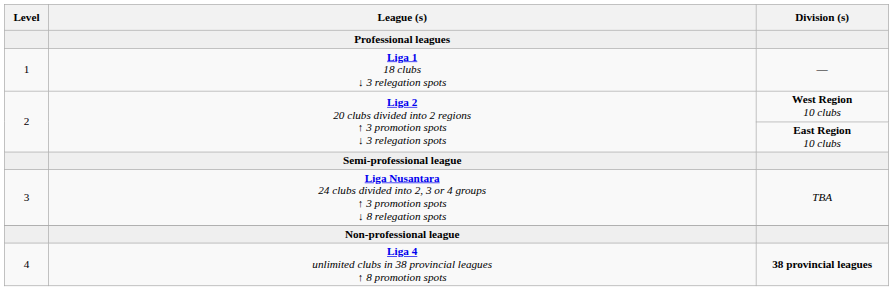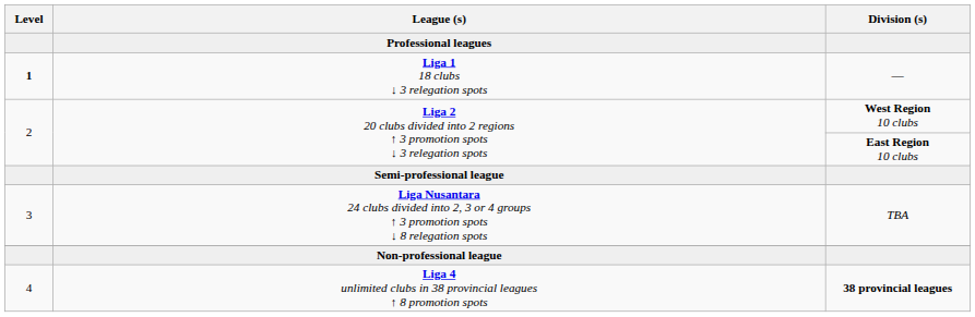 <table class="wikitable" style="text-align:center" width="100%">
 <tr>
 <th height="30" width="5%">Level</th>
 <th width="80%">League (s)</th>
 <th width="15%">Division (s)</th>
 </tr>
 <tr style="background:#efefef;">
 <td width="5%" align="center"></td>
 <td style="text-align:center;"><strong>Professional leagues</strong></td>
 <td align="center"></td>
 </tr>
 <tr>
-<td align=center>1</td>
+<td align=center><strong>1</strong></td>
 <td align=center><strong><a href='#'>Liga 1</a></strong><br><em>18 clubs<br>↓ 3 relegation spots</em></td>
 <td align=center>—</td>
 </tr>
 <tr>
 <td align=center rowspan="2">2</td>
 <td align=center rowspan="2"><strong><a href='#'>Liga 2</a></strong><br><em>20 clubs divided into 2 regions<br>↑ 3 promotion spots<br>↓ 3 relegation spots</em></td>
 <td align=center><strong>West Region</strong><br> <em>10 clubs</em></td>
 </tr>
 <tr>
 <td align=center><strong>East Region</strong><br> <em>10 clubs</em></td>
 </tr>
 <tr style="background:#efefef;">
 <td width="5%" align="center"></td>
 <td style="text-align:center;"><strong>Semi-professional league</strong></td>
 <td align="center"></td>
 </tr>
 <tr>
 <td align=center>3</td>
 <td align=center><strong><a href='#'>Liga Nusantara</a></strong><br><em>24 clubs divided into 2, 3 or 4 groups<br>↑ 3 promotion spots<br>↓ 8 relegation spots</em></td>
 <td align=center><em>TBA</em></td>
 </tr>
 <tr>
 </tr>
 <tr style="background:#efefef;">
 <td width="5%" align="center"></td>
 <td style="text-align:center;"><strong>Non-professional league</strong></td>
 <td align="center"></td>
 </tr>
 <tr>
 <td align=center>4</td>
 <td align=center><strong><a href='#'>Liga 4</a></strong><br><em>unlimited clubs in 38 provincial leagues<br>↑ 8 promotion spots</em></td>
 <td align=center><strong>38 provincial leagues</strong></td>
 </tr>
 </table>
